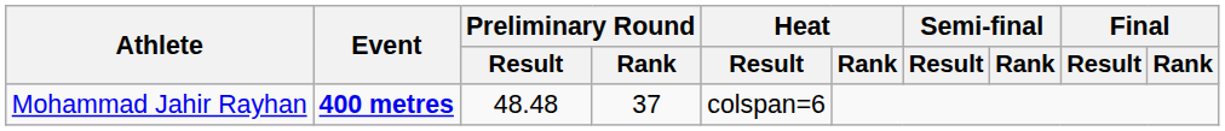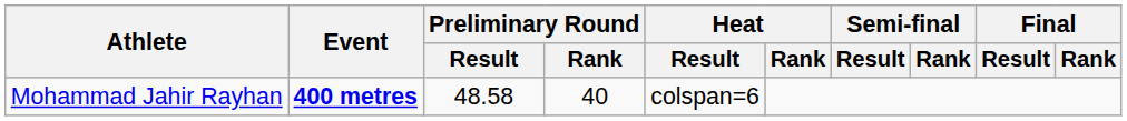 <table class="wikitable" style="font-size:90%">
 <tr>
 <th rowspan="2">Athlete</th>
 <th rowspan="2">Event</th>
 <th colspan="2">Preliminary Round</th>
 <th colspan="2">Heat</th>
 <th colspan="2">Semi-final</th>
 <th colspan="2">Final</th>
 </tr>
 <tr style="font-size:95%">
 <th>Result</th>
 <th>Rank</th>
 <th>Result</th>
 <th>Rank</th>
 <th>Result</th>
 <th>Rank</th>
 <th>Result</th>
 <th>Rank</th>
 </tr>
 <tr style=text-align:center>
 <td style=text-align:left><a href='#'>Mohammad Jahir Rayhan</a></td>
 <td style=text-align:left><strong><a href='#'>400 metres</a></strong></td>
-<td>48.48</td>
-<td>37</td>
+<td>48.58</td>
+<td>40</td>
 <td>colspan=6 </td>
 </tr>
 </table>
